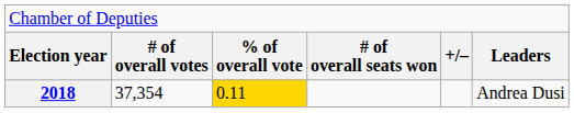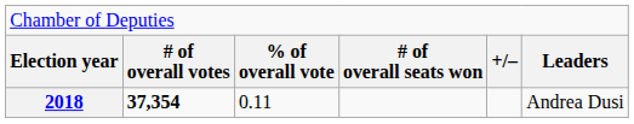 <table class=wikitable>
 <tr>
 <td colspan=7><a href='#'>Chamber of Deputies</a></td>
 </tr>
 <tr>
 <th>Election year</th>
 <th># of<br>overall votes</th>
 <th>% of<br>overall vote</th>
 <th># of<br>overall seats won</th>
 <th>+/–</th>
 <th>Leaders</th>
 </tr>
 <tr>
 <th><a href='#'>2018</a></th>
-<td>37,354</td>
-<td style="background: gold;">0.11</td>
+<td><strong>37,354</strong></td>
+<td>0.11</td>
 <td></td>
 <td></td>
 <td>Andrea Dusi</td>
 </tr>
 </table>
